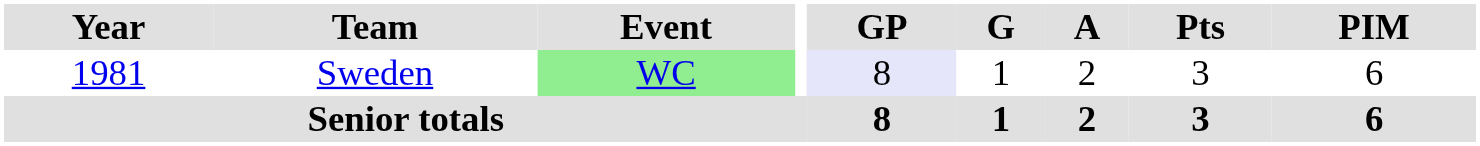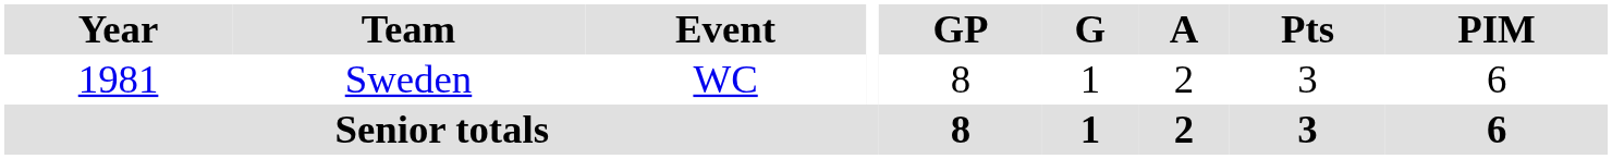 <table border="0" cellpadding="1" cellspacing="0" ID="Table3" style="text-align:center; width:40em">
 <tr bgcolor="#e0e0e0">
 <th>Year</th>
 <th>Team</th>
 <th>Event</th>
 <th rowspan="102" bgcolor="#ffffff"></th>
 <th>GP</th>
 <th>G</th>
 <th>A</th>
 <th>Pts</th>
 <th>PIM</th>
 </tr>
 <tr>
 <td><a href='#'>1981</a></td>
 <td><a href='#'>Sweden</a></td>
-<td style="background: lightgreen;"><a href='#'>WC</a></td>
-<td style="background: lavender;">8</td>
+<td><a href='#'>WC</a></td>
+<td>8</td>
 <td>1</td>
 <td>2</td>
 <td>3</td>
 <td>6</td>
 </tr>
 <tr bgcolor="#e0e0e0">
 <th colspan="4">Senior totals</th>
 <th>8</th>
 <th>1</th>
 <th>2</th>
 <th>3</th>
 <th>6</th>
 </tr>
 </table>
